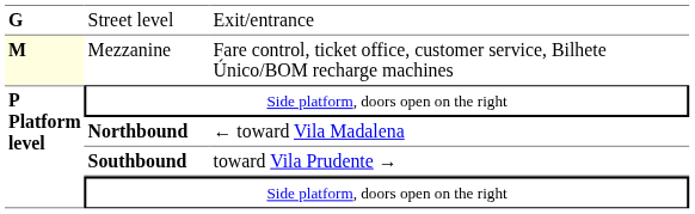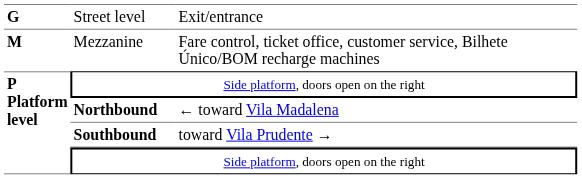 <table table border=0 cellspacing=0 cellpadding=3>
 <tr>
 <td style="border-top:solid 1px gray;vertical-align:top;" width=50><strong>G</strong></td>
 <td style="border-top:solid 1px gray;vertical-align:top;" width=100>Street level</td>
 <td style="border-top:solid 1px gray;vertical-align:top;" width=400>Exit/entrance</td>
 </tr>
 <tr>
-<td style="background: lightyellow; border-top:solid 1px gray;vertical-align:top;"><strong>M</strong></td>
+<td style="border-top:solid 1px gray;vertical-align:top;"><strong>M</strong></td>
 <td style="border-top:solid 1px gray;vertical-align:top;">Mezzanine</td>
 <td style="border-top:solid 1px gray;vertical-align:top;">Fare control, ticket office, customer service, Bilhete Único/BOM recharge machines</td>
 </tr>
 <tr>
 <td style="border-top:solid 1px gray;border-bottom:solid 1px gray;vertical-align:top;" rowspan=5><strong>P<br>Platform level </strong></td>
 </tr>
 <tr>
 <td style="border-top:solid 1px black;border-right:solid 2px black;border-left:solid 2px black;border-bottom:solid 2px black;text-align:center;" colspan=5><small><a href='#'>Side platform</a>, doors open on the right</small></td>
 </tr>
 <tr>
 <td style="border-bottom:solid 1px gray;"><span><strong>Northbound</strong></span></td>
 <td style="border-bottom:solid 1px gray;">←  toward <a href='#'>Vila Madalena</a></td>
 </tr>
 <tr>
 <td style="border-bottom:solid 1px gray;"><span><strong>Southbound</strong></span></td>
 <td style="border-bottom:solid 1px gray;"> toward <a href='#'>Vila Prudente</a> →</td>
 </tr>
 <tr>
 <td style="border-top:solid 2px black;border-right:solid 2px black;border-left:solid 2px black;border-bottom:solid 1px black;text-align:center;" colspan=5><small><a href='#'>Side platform</a>, doors open on the right</small></td>
 </tr>
 </table>
